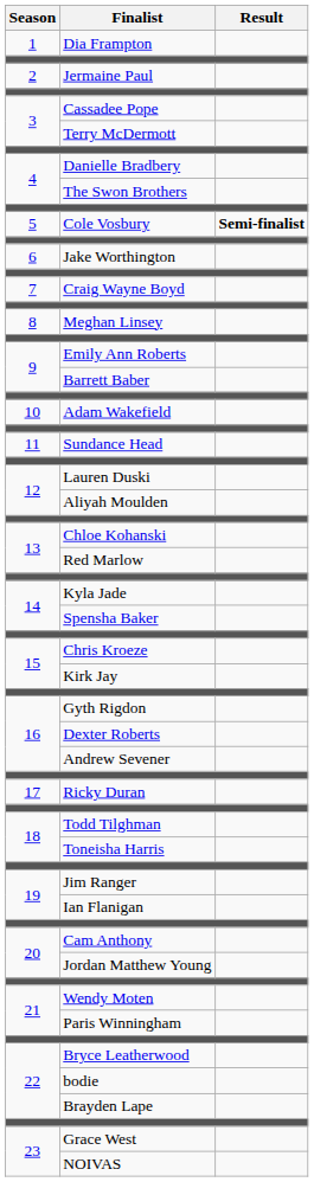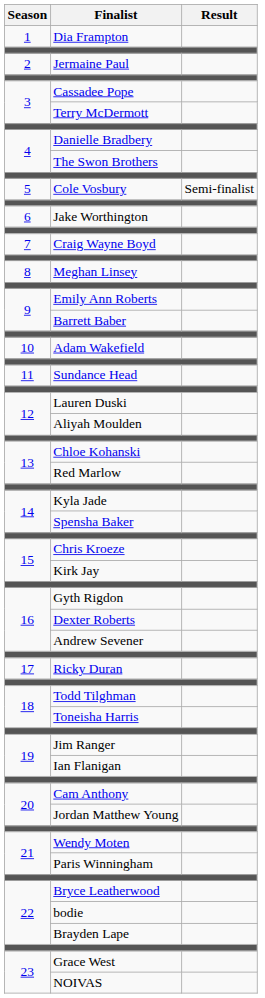 <table class="wikitable sortable">
 <tr>
 <th>Season</th>
 <th>Finalist</th>
 <th>Result</th>
 </tr>
 <tr>
 <td style="text-align:center;"><a href='#'>1</a></td>
 <td><a href='#'>Dia Frampton</a></td>
 <td></td>
 </tr>
 <tr>
 <td colspan=3 style="background:#555;"></td>
 </tr>
 <tr>
 <td style="text-align:center;"><a href='#'>2</a></td>
 <td><a href='#'>Jermaine Paul</a></td>
 <td></td>
 </tr>
 <tr>
 <td colspan=3 style="background:#555;"></td>
 </tr>
 <tr>
 <td rowspan=2 style="text-align:center;"><a href='#'>3</a></td>
 <td><a href='#'>Cassadee Pope</a></td>
 <td></td>
 </tr>
 <tr>
 <td><a href='#'>Terry McDermott</a></td>
 <td></td>
 </tr>
 <tr>
 <td colspan=3 style="background:#555;"></td>
 </tr>
 <tr>
 <td rowspan=2 style="text-align:center;"><a href='#'>4</a></td>
 <td><a href='#'>Danielle Bradbery</a></td>
 <td></td>
 </tr>
 <tr>
 <td><a href='#'>The Swon Brothers</a></td>
 <td></td>
 </tr>
 <tr>
 <td colspan=3 style="background:#555;"></td>
 </tr>
 <tr>
 <td style="text-align:center;"><a href='#'>5</a></td>
 <td><a href='#'>Cole Vosbury</a></td>
-<td><strong>Semi-finalist</strong></td>
+<td>Semi-finalist</td>
 </tr>
 <tr>
 <td colspan=3 style="background:#555;"></td>
 </tr>
 <tr>
 <td style="text-align:center;"><a href='#'>6</a></td>
 <td>Jake Worthington</td>
 <td></td>
 </tr>
 <tr>
 <td colspan=3 style="background:#555;"></td>
 </tr>
 <tr>
 <td style="text-align:center;"><a href='#'>7</a></td>
 <td><a href='#'>Craig Wayne Boyd</a></td>
 <td></td>
 </tr>
 <tr>
 <td colspan=3 style="background:#555;"></td>
 </tr>
 <tr>
 <td style="text-align:center;"><a href='#'>8</a></td>
 <td><a href='#'>Meghan Linsey</a></td>
 <td></td>
 </tr>
 <tr>
 <td colspan=3 style="background:#555;"></td>
 </tr>
 <tr>
 <td rowspan=2 style="text-align:center;"><a href='#'>9</a></td>
 <td><a href='#'>Emily Ann Roberts</a></td>
 <td></td>
 </tr>
 <tr>
 <td><a href='#'>Barrett Baber</a></td>
 <td></td>
 </tr>
 <tr>
 <td colspan=3 style="background:#555;"></td>
 </tr>
 <tr>
 <td style="text-align:center;"><a href='#'>10</a></td>
 <td><a href='#'>Adam Wakefield</a></td>
 <td></td>
 </tr>
 <tr>
 <td colspan=3 style="background:#555;"></td>
 </tr>
 <tr>
 <td style="text-align:center;"><a href='#'>11</a></td>
 <td><a href='#'>Sundance Head</a></td>
 <td></td>
 </tr>
 <tr>
 <td colspan=3 style="background:#555;"></td>
 </tr>
 <tr>
 <td rowspan=2 style="text-align:center;"><a href='#'>12</a></td>
 <td>Lauren Duski</td>
 <td></td>
 </tr>
 <tr>
 <td>Aliyah Moulden</td>
 <td></td>
 </tr>
 <tr>
 <td colspan=3 style="background:#555;"></td>
 </tr>
 <tr>
 <td rowspan=2 style="text-align:center;"><a href='#'>13</a></td>
 <td><a href='#'>Chloe Kohanski</a></td>
 <td></td>
 </tr>
 <tr>
 <td>Red Marlow</td>
 <td></td>
 </tr>
 <tr>
 <td colspan=3 style="background:#555;"></td>
 </tr>
 <tr>
 <td rowspan=2 style="text-align:center;"><a href='#'>14</a></td>
 <td>Kyla Jade</td>
 <td></td>
 </tr>
 <tr>
 <td><a href='#'>Spensha Baker</a></td>
 <td></td>
 </tr>
 <tr>
 <td colspan=3 style="background:#555;"></td>
 </tr>
 <tr>
 <td rowspan=2 style="text-align:center;"><a href='#'>15</a></td>
 <td><a href='#'>Chris Kroeze</a></td>
 <td></td>
 </tr>
 <tr>
 <td>Kirk Jay</td>
 <td></td>
 </tr>
 <tr>
 <td colspan=3 style="background:#555;"></td>
 </tr>
 <tr>
 <td rowspan=3 style="text-align:center;"><a href='#'>16</a></td>
 <td>Gyth Rigdon</td>
 <td></td>
 </tr>
 <tr>
 <td><a href='#'>Dexter Roberts</a></td>
 <td></td>
 </tr>
 <tr>
 <td>Andrew Sevener</td>
 <td></td>
 </tr>
 <tr>
 <td colspan=3 style="background:#555;"></td>
 </tr>
 <tr>
 <td style="text-align:center;"><a href='#'>17</a></td>
 <td><a href='#'>Ricky Duran</a></td>
 <td></td>
 </tr>
 <tr>
 <td colspan=3 style="background:#555;"></td>
 </tr>
 <tr>
 <td rowspan=2 style="text-align:center;"><a href='#'>18</a></td>
 <td><a href='#'>Todd Tilghman</a></td>
 <td></td>
 </tr>
 <tr>
 <td><a href='#'>Toneisha Harris</a></td>
 <td></td>
 </tr>
 <tr>
 <td colspan=3 style="background:#555;"></td>
 </tr>
 <tr>
 <td rowspan=2 style="text-align:center;"><a href='#'>19</a></td>
 <td>Jim Ranger</td>
 <td></td>
 </tr>
 <tr>
 <td>Ian Flanigan</td>
 <td></td>
 </tr>
 <tr>
 <td colspan=3 style="background:#555;"></td>
 </tr>
 <tr>
 <td rowspan=2 style="text-align:center;"><a href='#'>20</a></td>
 <td><a href='#'>Cam Anthony</a></td>
 <td></td>
 </tr>
 <tr>
 <td>Jordan Matthew Young</td>
 <td></td>
 </tr>
 <tr>
 <td colspan=3 style="background:#555;"></td>
 </tr>
 <tr>
 <td rowspan=2 style="text-align:center;"><a href='#'>21</a></td>
 <td><a href='#'>Wendy Moten</a></td>
 <td></td>
 </tr>
 <tr>
 <td>Paris Winningham</td>
 <td></td>
 </tr>
 <tr>
 <td colspan=3 style="background:#555;"></td>
 </tr>
 <tr>
 <td rowspan=3 style="text-align:center;"><a href='#'>22</a></td>
 <td><a href='#'>Bryce Leatherwood</a></td>
 <td></td>
 </tr>
 <tr>
 <td>bodie</td>
 <td></td>
 </tr>
 <tr>
 <td>Brayden Lape</td>
 <td></td>
 </tr>
 <tr>
 <td colspan=3 style="background:#555;"></td>
 </tr>
 <tr>
 <td rowspan=2 style="text-align:center;"><a href='#'>23</a></td>
 <td>Grace West</td>
 <td></td>
 </tr>
 <tr>
 <td>NOIVAS</td>
 <td></td>
 </tr>
 </table>
